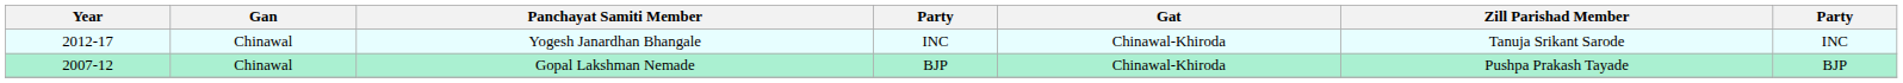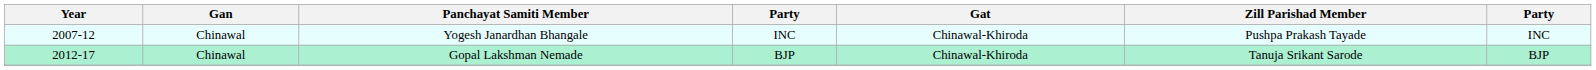 <table class="wikitable" width="100%">
 <tr style="background:#d9e4f1; text-align:center;">
 <th>Year</th>
 <th>Gan</th>
 <th>Panchayat Samiti Member</th>
 <th>Party</th>
 <th>Gat</th>
 <th>Zill Parishad Member</th>
 <th>Party</th>
 </tr>
 <tr rowspan="1" style="text-align:center; background:#E7FEFF; textcolor:#000;">
-<td>2012-17</td>
+<td>2007-12</td>
 <td>Chinawal</td>
 <td>Yogesh Janardhan Bhangale</td>
 <td>INC</td>
 <td>Chinawal-Khiroda</td>
-<td>Tanuja Srikant Sarode</td>
+<td>Pushpa Prakash Tayade</td>
 <td>INC</td>
 </tr>
 <tr rowspan="1" style="text-align:center; background: #AAF0D1; textcolor:#000;">
-<td>2007-12</td>
+<td>2012-17</td>
 <td>Chinawal</td>
 <td>Gopal Lakshman Nemade</td>
 <td>BJP</td>
 <td>Chinawal-Khiroda</td>
-<td>Pushpa Prakash Tayade</td>
+<td>Tanuja Srikant Sarode</td>
 <td>BJP</td>
 </tr>
 <tr rowspan="1" style="text-align:center; background:#f9fab3; textcolor:#000;">
 </tr>
 </table>
